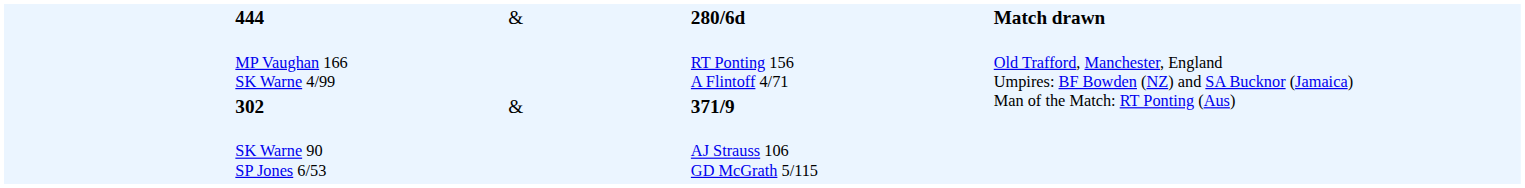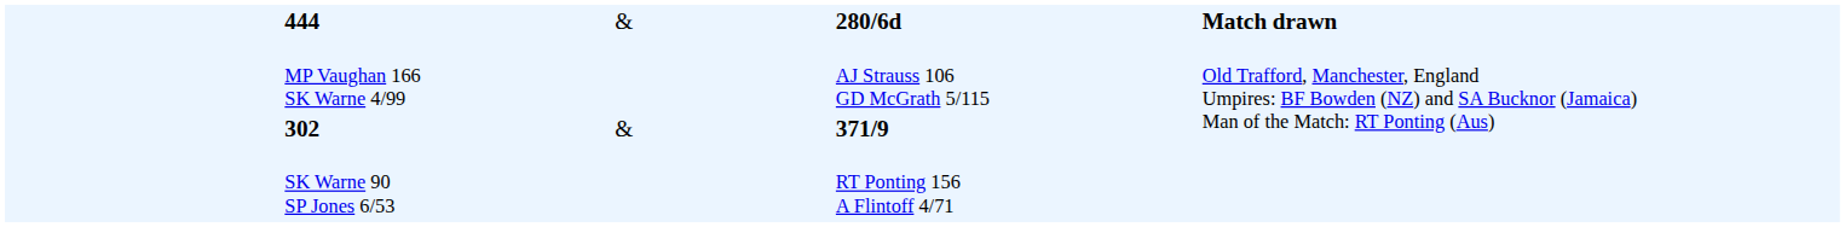 <table width="100%" style="background: #EBF5FF">
 <tr>
 <td width="15%" valign="top" rowspan="2"><strong></strong></td>
 <td width="18%"><strong>444</strong></td>
 <td width="12%">&</td>
 <td width="20%"><strong>280/6d</strong></td>
 <td width="35%"><strong>Match drawn</strong></td>
 </tr>
 <tr>
 <td style="font-size: 85%;" valign="top"><br><a href='#'>MP Vaughan</a> 166<br> <a href='#'>SK Warne</a> 4/99</td>
 <td></td>
-<td valign="top" style="font-size: 85%;"><br><a href='#'>RT Ponting</a> 156<br> <a href='#'>A Flintoff</a> 4/71</td>
+<td style="font-size: 85%;"><br><a href='#'>AJ Strauss</a> 106<br> <a href='#'>GD McGrath</a> 5/115</td>
 <td valign="top" style="font-size: 85%;" rowspan="3"><br><a href='#'>Old Trafford</a>, <a href='#'>Manchester</a>, England<br> Umpires: <a href='#'>BF Bowden</a> (<a href='#'>NZ</a>) and <a href='#'>SA Bucknor</a> (<a href='#'>Jamaica</a>)<br> Man of the Match: <a href='#'>RT Ponting</a> (<a href='#'>Aus</a>)<br></td>
 </tr>
 <tr>
 <td valign="top" rowspan="2"><strong></strong></td>
 <td><strong>302</strong></td>
 <td>&</td>
 <td><strong>371/9</strong></td>
 </tr>
 <tr>
 <td style="font-size: 85%;"><br><a href='#'>SK Warne</a> 90<br> <a href='#'>SP Jones</a> 6/53</td>
 <td></td>
-<td style="font-size: 85%;"><br><a href='#'>AJ Strauss</a> 106<br> <a href='#'>GD McGrath</a> 5/115</td>
+<td valign="top" style="font-size: 85%;"><br><a href='#'>RT Ponting</a> 156<br> <a href='#'>A Flintoff</a> 4/71</td>
 </tr>
 </table>
